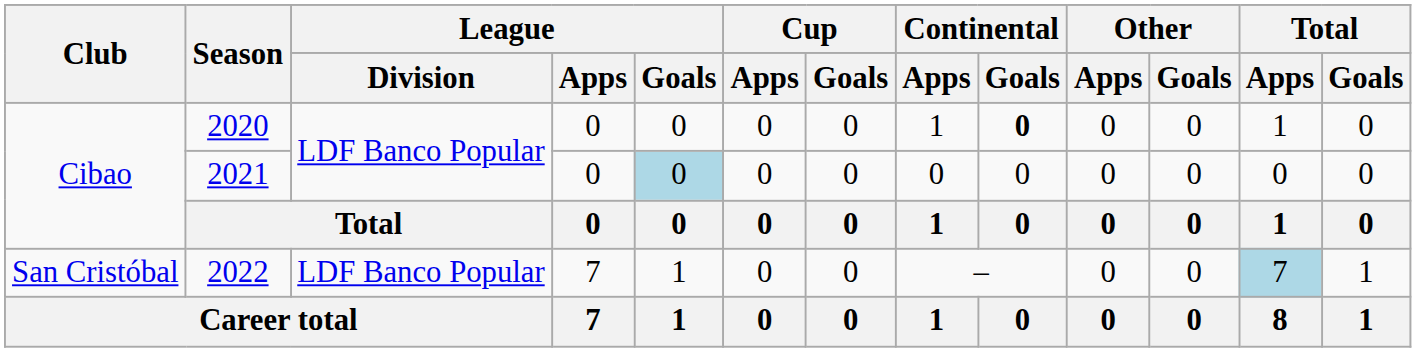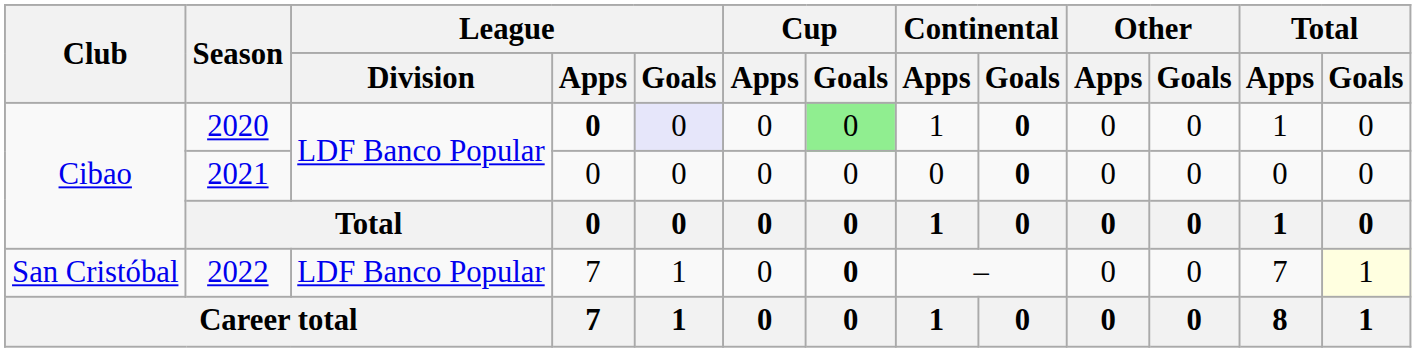 <table class="wikitable" style="text-align: center">
 <tr>
 <th rowspan="2">Club</th>
 <th rowspan="2">Season</th>
 <th colspan="3">League</th>
 <th colspan="2">Cup</th>
 <th colspan="2">Continental</th>
 <th colspan="2">Other</th>
 <th colspan="2">Total</th>
 </tr>
 <tr>
 <th>Division</th>
 <th>Apps</th>
 <th>Goals</th>
 <th>Apps</th>
 <th>Goals</th>
 <th>Apps</th>
 <th>Goals</th>
 <th>Apps</th>
 <th>Goals</th>
 <th>Apps</th>
 <th>Goals</th>
 </tr>
 <tr>
 <td rowspan="3"><a href='#'>Cibao</a></td>
 <td><a href='#'>2020</a></td>
 <td rowspan="2"><a href='#'>LDF Banco Popular</a></td>
+<td><strong>0</strong></td>
+<td style="background: lavender;">0</td>
 <td>0</td>
-<td>0</td>
-<td>0</td>
-<td>0</td>
+<td style="background: lightgreen;">0</td>
 <td>1</td>
 <td><strong>0</strong></td>
 <td>0</td>
 <td>0</td>
 <td>1</td>
 <td>0</td>
 </tr>
 <tr>
 <td><a href='#'>2021</a></td>
 <td>0</td>
-<td style="background: lightblue;">0</td>
 <td>0</td>
 <td>0</td>
 <td>0</td>
 <td>0</td>
+<td><strong>0</strong></td>
 <td>0</td>
 <td>0</td>
 <td>0</td>
 <td>0</td>
 </tr>
 <tr>
 <th colspan="2"><strong>Total</strong></th>
 <th>0</th>
 <th>0</th>
 <th>0</th>
 <th>0</th>
 <th>1</th>
 <th>0</th>
 <th>0</th>
 <th>0</th>
 <th>1</th>
 <th>0</th>
 </tr>
 <tr>
 <td><a href='#'>San Cristóbal</a></td>
 <td><a href='#'>2022</a></td>
 <td><a href='#'>LDF Banco Popular</a></td>
 <td>7</td>
 <td>1</td>
 <td>0</td>
-<td>0</td>
+<td><strong>0</strong></td>
 <td colspan="2">–</td>
 <td>0</td>
 <td>0</td>
-<td style="background: lightblue;">7</td>
-<td>1</td>
+<td>7</td>
+<td style="background: lightyellow;">1</td>
 </tr>
 <tr>
 <th colspan="3"><strong>Career total</strong></th>
 <th>7</th>
 <th>1</th>
 <th>0</th>
 <th>0</th>
 <th>1</th>
 <th>0</th>
 <th>0</th>
 <th>0</th>
 <th>8</th>
 <th>1</th>
 </tr>
 </table>
